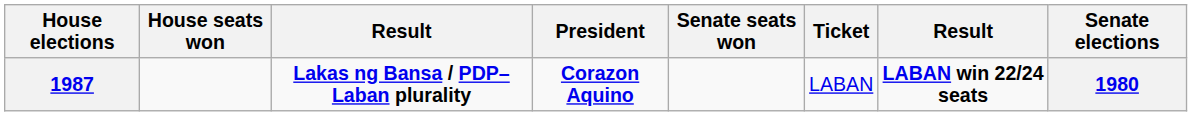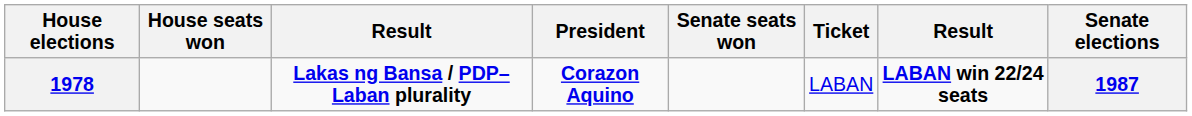 <table class="wikitable" style="text-align:center; font-size:90%">
 <tr>
 <th>House elections</th>
 <th>House seats won</th>
 <th>Result</th>
 <th>President</th>
 <th>Senate seats won</th>
 <th>Ticket</th>
 <th>Result</th>
 <th>Senate elections</th>
 </tr>
 <tr>
-<th><a href='#'>1987</a></th>
+<th><a href='#'>1978</a></th>
 <td></td>
 <td style="background="><strong><a href='#'>Lakas ng Bansa</a> / <a href='#'>PDP–Laban</a> plurality</strong></td>
 <td style="background:"><strong><a href='#'>Corazon Aquino</a></strong></td>
 <td></td>
 <td style="background:"><a href='#'>LABAN</a></td>
 <td style="background:"><strong><a href='#'>LABAN</a> win 22/24 seats</strong></td>
-<th><a href='#'>1980</a></th>
+<th><a href='#'>1987</a></th>
 </tr>
 </table>
